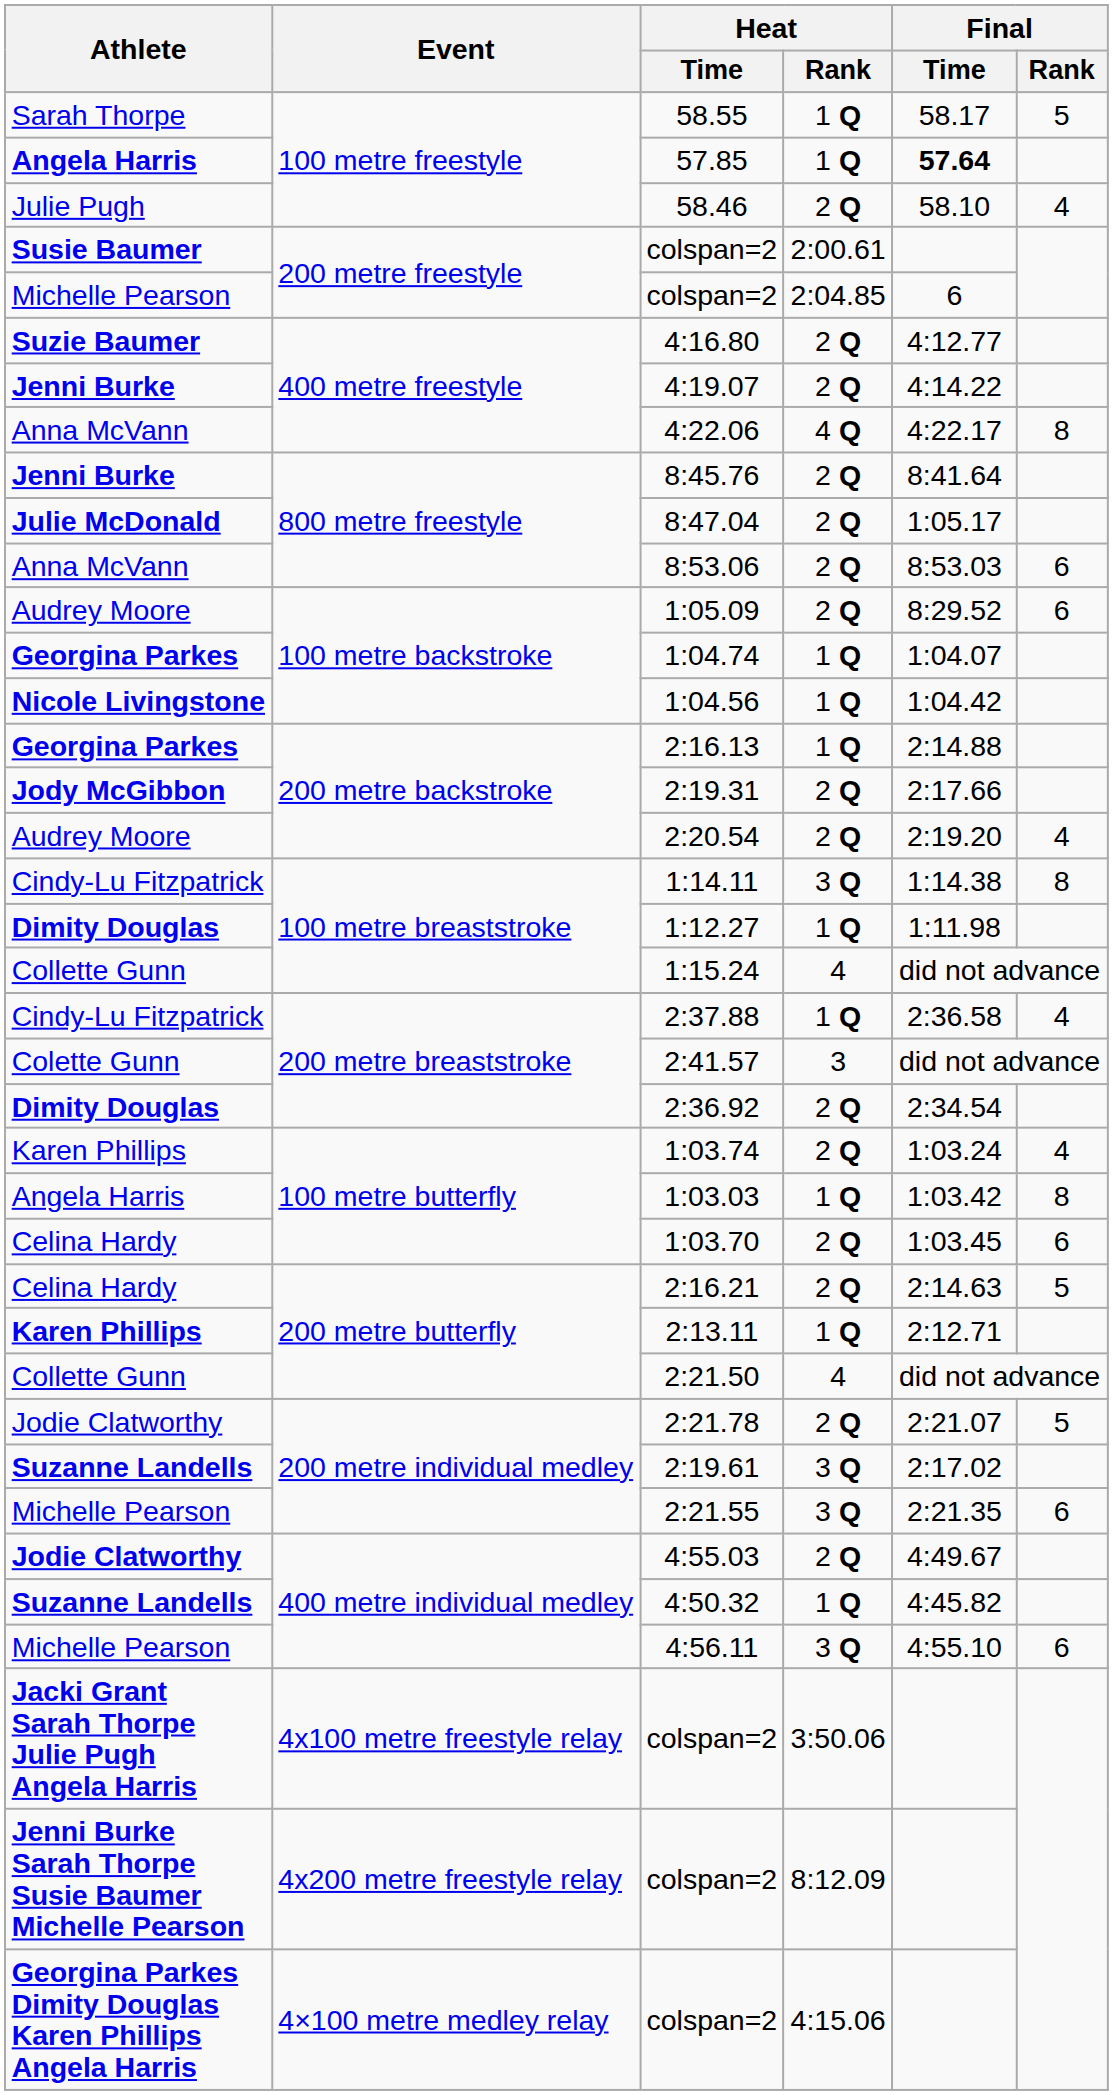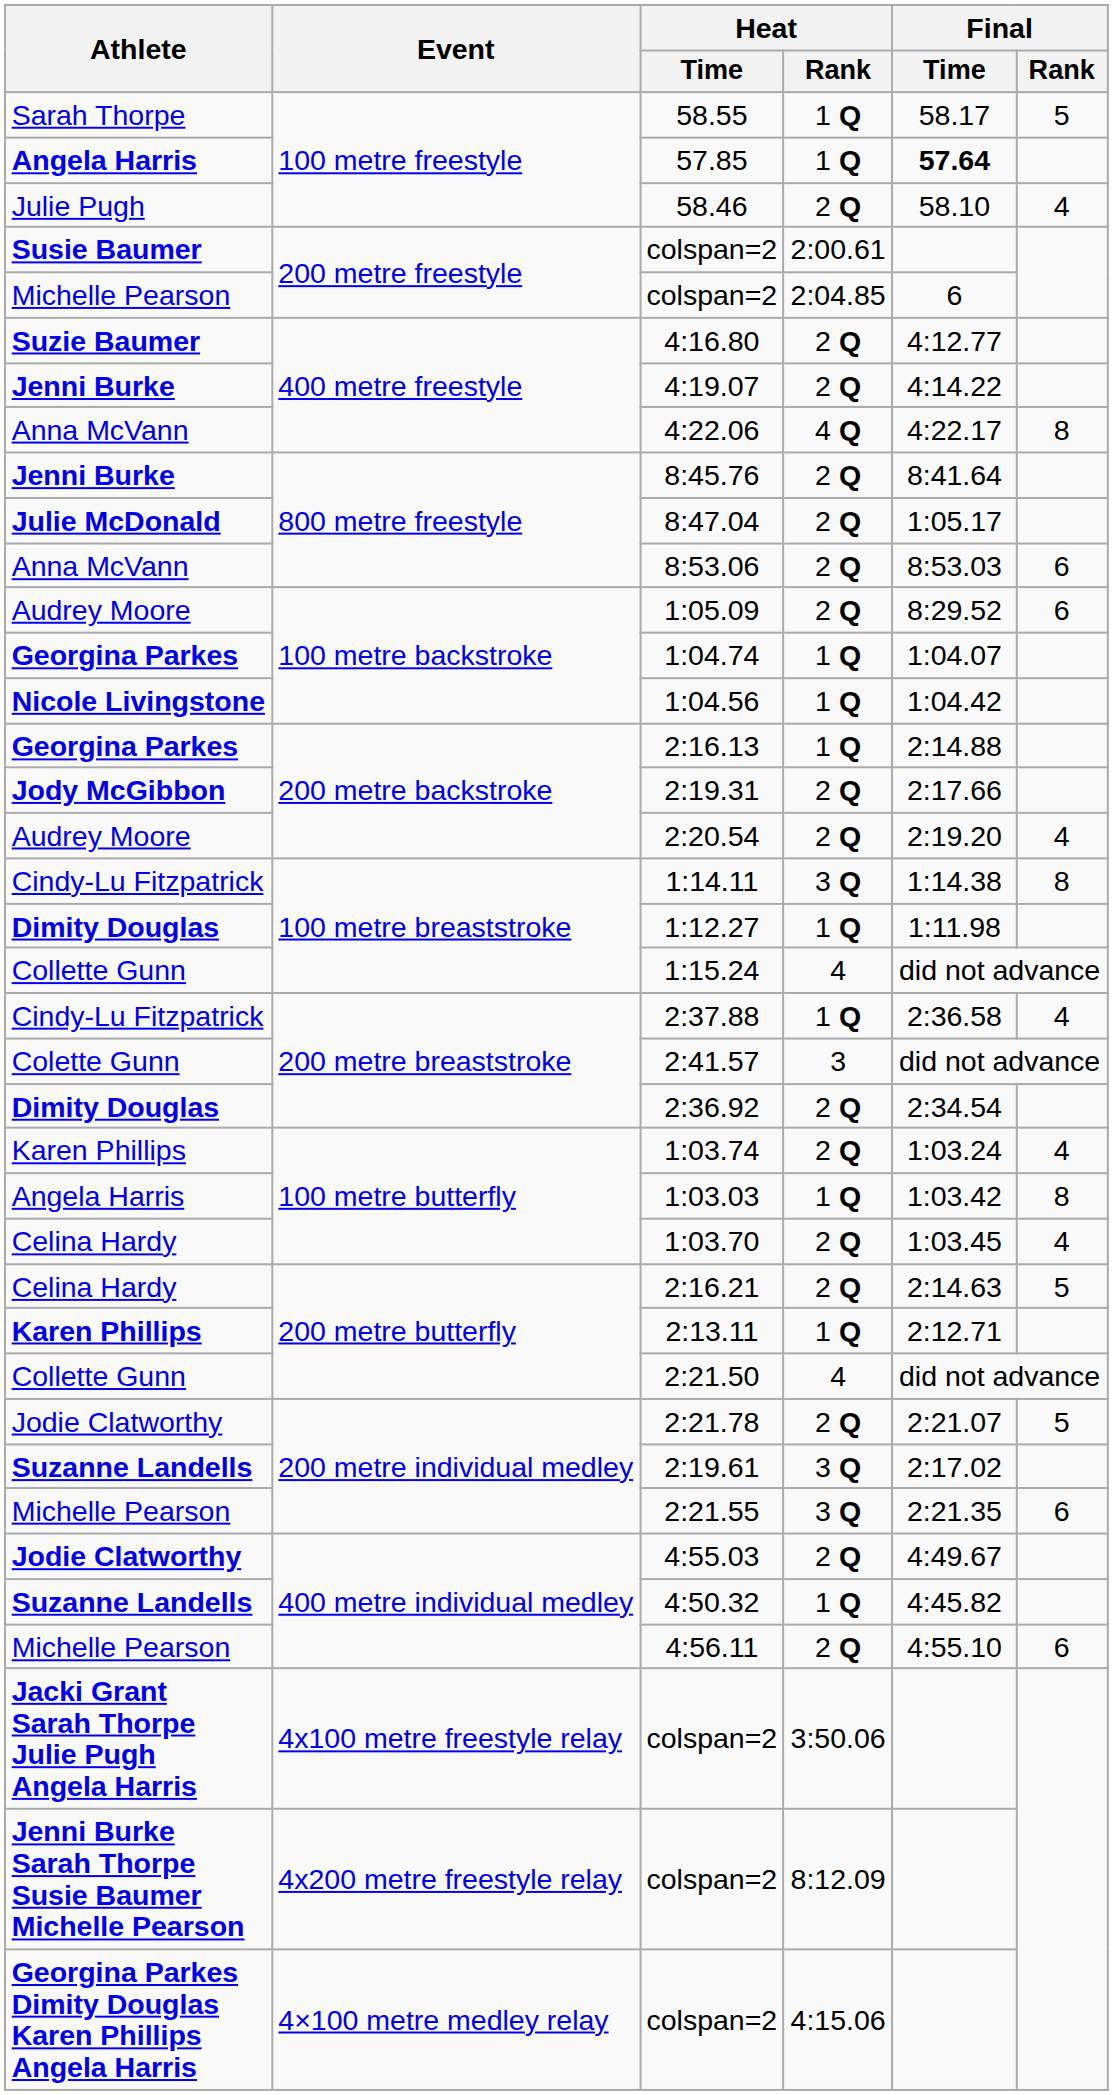 <table class=wikitable style=font-size:90%>
 <tr>
 <th rowspan=2>Athlete</th>
 <th rowspan=2>Event</th>
 <th colspan=2>Heat</th>
 <th colspan=2>Final</th>
 </tr>
 <tr style=font-size:95%>
 <th>Time</th>
 <th>Rank</th>
 <th>Time</th>
 <th>Rank</th>
 </tr>
 <tr align=center>
 <td align=left><a href='#'>Sarah Thorpe</a></td>
 <td align=left rowspan=3><a href='#'>100 metre freestyle</a></td>
 <td>58.55</td>
 <td>1 <strong>Q</strong></td>
 <td>58.17</td>
 <td>5</td>
 </tr>
 <tr align=center>
 <td align=left><strong><a href='#'>Angela Harris</a></strong></td>
 <td>57.85</td>
 <td>1 <strong>Q</strong></td>
 <td><strong>57.64</strong></td>
 <td></td>
 </tr>
 <tr align=center>
 <td align=left><a href='#'>Julie Pugh</a></td>
 <td>58.46</td>
 <td>2 <strong>Q</strong></td>
 <td>58.10</td>
 <td>4</td>
 </tr>
 <tr align=center>
 <td align=left><strong><a href='#'>Susie Baumer</a></strong></td>
 <td rowspan=2 align=left><a href='#'>200 metre freestyle</a></td>
 <td>colspan=2 </td>
 <td>2:00.61</td>
 <td></td>
 </tr>
 <tr align=center>
 <td align=left><a href='#'>Michelle Pearson</a></td>
 <td>colspan=2 </td>
 <td>2:04.85</td>
 <td>6</td>
 </tr>
 <tr align=center>
 <td align=left><strong><a href='#'>Suzie Baumer</a></strong></td>
 <td align=left rowspan=3><a href='#'>400 metre freestyle</a></td>
 <td>4:16.80</td>
 <td>2 <strong>Q</strong></td>
 <td>4:12.77</td>
 <td></td>
 </tr>
 <tr align=center>
 <td align=left><strong><a href='#'>Jenni Burke</a></strong></td>
 <td>4:19.07</td>
 <td>2 <strong>Q</strong></td>
 <td>4:14.22</td>
 <td></td>
 </tr>
 <tr align=center>
 <td align=left><a href='#'>Anna McVann</a></td>
 <td>4:22.06</td>
 <td>4 <strong>Q</strong></td>
 <td>4:22.17</td>
 <td>8</td>
 </tr>
 <tr align=center>
 <td align=left><strong><a href='#'>Jenni Burke</a></strong></td>
 <td rowspan=3 align=left><a href='#'>800 metre freestyle</a></td>
 <td>8:45.76</td>
 <td>2 <strong>Q</strong></td>
 <td>8:41.64</td>
 <td></td>
 </tr>
 <tr align=center>
 <td align=left><strong><a href='#'>Julie McDonald</a></strong></td>
 <td>8:47.04</td>
 <td>2 <strong>Q</strong></td>
 <td>1:05.17</td>
 <td></td>
 </tr>
 <tr align=center>
 <td align=left><a href='#'>Anna McVann</a></td>
 <td>8:53.06</td>
 <td>2 <strong>Q</strong></td>
 <td>8:53.03</td>
 <td>6</td>
 </tr>
 <tr align=center>
 <td align=left><a href='#'>Audrey Moore</a></td>
 <td align=left rowspan=3><a href='#'>100 metre backstroke</a></td>
 <td>1:05.09</td>
 <td>2 <strong>Q</strong></td>
 <td>8:29.52</td>
 <td>6</td>
 </tr>
 <tr align=center>
 <td align=left><strong><a href='#'>Georgina Parkes</a></strong></td>
 <td>1:04.74</td>
 <td>1 <strong>Q</strong></td>
 <td>1:04.07</td>
 <td></td>
 </tr>
 <tr align=center>
 <td align=left><strong><a href='#'>Nicole Livingstone</a></strong></td>
 <td>1:04.56</td>
 <td>1 <strong>Q</strong></td>
 <td>1:04.42</td>
 <td></td>
 </tr>
 <tr align=center>
 <td align=left><strong><a href='#'>Georgina Parkes</a></strong></td>
 <td rowspan=3 align=left><a href='#'>200 metre backstroke</a></td>
 <td>2:16.13</td>
 <td>1 <strong>Q</strong></td>
 <td>2:14.88</td>
 <td></td>
 </tr>
 <tr align=center>
 <td align=left><strong><a href='#'>Jody McGibbon</a></strong></td>
 <td>2:19.31</td>
 <td>2 <strong>Q</strong></td>
 <td>2:17.66</td>
 <td></td>
 </tr>
 <tr align=center>
 <td align=left><a href='#'>Audrey Moore</a></td>
 <td>2:20.54</td>
 <td>2 <strong>Q</strong></td>
 <td>2:19.20</td>
 <td>4</td>
 </tr>
 <tr align=center>
 <td align=left><a href='#'>Cindy-Lu Fitzpatrick</a></td>
 <td rowspan=3 align=left><a href='#'>100 metre breaststroke</a></td>
 <td>1:14.11</td>
 <td>3 <strong>Q</strong></td>
 <td>1:14.38</td>
 <td>8</td>
 </tr>
 <tr align=center>
 <td align=left><strong><a href='#'>Dimity Douglas</a></strong></td>
 <td>1:12.27</td>
 <td>1 <strong>Q</strong></td>
 <td>1:11.98</td>
 <td></td>
 </tr>
 <tr align=center>
 <td align=left><a href='#'>Collette Gunn</a></td>
 <td>1:15.24</td>
 <td>4</td>
 <td colspan=2>did not advance</td>
 </tr>
 <tr align=center>
 <td align=left><a href='#'>Cindy-Lu Fitzpatrick</a></td>
 <td align=left rowspan=3><a href='#'>200 metre breaststroke</a></td>
 <td>2:37.88</td>
 <td>1 <strong>Q</strong></td>
 <td>2:36.58</td>
 <td>4</td>
 </tr>
 <tr align=center>
 <td align=left><a href='#'>Colette Gunn</a></td>
 <td>2:41.57</td>
 <td>3</td>
 <td colspan=2>did not advance</td>
 </tr>
 <tr align=center>
 <td align=left><strong><a href='#'>Dimity Douglas</a></strong></td>
 <td>2:36.92</td>
 <td>2 <strong>Q</strong></td>
 <td>2:34.54</td>
 <td></td>
 </tr>
 <tr align=center>
 <td align=left><a href='#'>Karen Phillips</a></td>
 <td rowspan=3 align=left><a href='#'>100 metre butterfly</a></td>
 <td>1:03.74</td>
 <td>2 <strong>Q</strong></td>
 <td>1:03.24</td>
 <td>4</td>
 </tr>
 <tr align=center>
 <td align=left><a href='#'>Angela Harris</a></td>
 <td>1:03.03</td>
 <td>1 <strong>Q</strong></td>
 <td>1:03.42</td>
 <td>8</td>
 </tr>
 <tr align=center>
 <td align=left><a href='#'>Celina Hardy</a></td>
 <td>1:03.70</td>
 <td>2 <strong>Q</strong></td>
 <td>1:03.45</td>
-<td>6</td>
+<td>4</td>
 </tr>
 <tr align=center>
 <td align=left><a href='#'>Celina Hardy</a></td>
 <td rowspan=3 align=left><a href='#'>200 metre butterfly</a></td>
 <td>2:16.21</td>
 <td>2 <strong>Q</strong></td>
 <td>2:14.63</td>
 <td>5</td>
 </tr>
 <tr align=center>
 <td align=left><strong><a href='#'>Karen Phillips</a></strong></td>
 <td>2:13.11</td>
 <td>1 <strong>Q</strong></td>
 <td>2:12.71</td>
 <td></td>
 </tr>
 <tr align=center>
 <td align=left><a href='#'>Collette Gunn</a></td>
 <td>2:21.50</td>
 <td>4</td>
 <td colspan=2>did not advance</td>
 </tr>
 <tr align=center>
 <td align=left><a href='#'>Jodie Clatworthy</a></td>
 <td align=left rowspan=3><a href='#'>200 metre individual medley</a></td>
 <td>2:21.78</td>
 <td>2 <strong>Q</strong></td>
 <td>2:21.07</td>
 <td>5</td>
 </tr>
 <tr align=center>
 <td align=left><strong><a href='#'>Suzanne Landells</a></strong></td>
 <td>2:19.61</td>
 <td>3 <strong>Q</strong></td>
 <td>2:17.02</td>
 <td></td>
 </tr>
 <tr align=center>
 <td align=left><a href='#'>Michelle Pearson</a></td>
 <td>2:21.55</td>
 <td>3 <strong>Q</strong></td>
 <td>2:21.35</td>
 <td>6</td>
 </tr>
 <tr align=center>
 <td align=left><strong><a href='#'>Jodie Clatworthy</a></strong></td>
 <td align=left rowspan=3><a href='#'>400 metre individual medley</a></td>
 <td>4:55.03</td>
 <td>2 <strong>Q</strong></td>
 <td>4:49.67</td>
 <td></td>
 </tr>
 <tr align=center>
 <td align=left><strong><a href='#'>Suzanne Landells</a></strong></td>
 <td>4:50.32</td>
 <td>1 <strong>Q</strong></td>
 <td>4:45.82</td>
 <td></td>
 </tr>
 <tr align=center>
 <td align=left><a href='#'>Michelle Pearson</a></td>
 <td>4:56.11</td>
-<td>3 <strong>Q</strong></td>
+<td>2 <strong>Q</strong></td>
 <td>4:55.10</td>
 <td>6</td>
 </tr>
 <tr align=center>
 <td align=left><strong><a href='#'>Jacki Grant</a></strong><br><strong><a href='#'>Sarah Thorpe</a></strong><br><strong><a href='#'>Julie Pugh</a></strong><br><strong><a href='#'>Angela Harris</a></strong></td>
 <td align=left><a href='#'>4x100 metre freestyle relay</a></td>
 <td>colspan=2 </td>
 <td>3:50.06</td>
 <td></td>
 </tr>
 <tr align=center>
 <td align=left><strong><a href='#'>Jenni Burke</a></strong><br><strong><a href='#'>Sarah Thorpe</a></strong><br><strong><a href='#'>Susie Baumer</a></strong><br><strong><a href='#'>Michelle Pearson</a></strong></td>
 <td align=left><a href='#'>4x200 metre freestyle relay</a></td>
 <td>colspan=2 </td>
 <td>8:12.09</td>
 <td></td>
 </tr>
 <tr align=center>
 <td align=left><strong><a href='#'>Georgina Parkes</a></strong><br><strong><a href='#'>Dimity Douglas</a></strong><br><strong><a href='#'>Karen Phillips</a></strong><br><strong><a href='#'>Angela Harris</a></strong></td>
 <td align=left><a href='#'>4×100 metre medley relay</a></td>
 <td>colspan=2 </td>
 <td>4:15.06</td>
 <td></td>
 </tr>
 </table>
